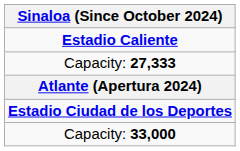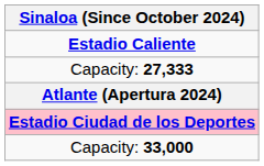 <table class="wikitable" style="text-align:center">
 <tr>
 <th><a href='#'>Sinaloa</a> (Since October 2024)</th>
 </tr>
 <tr>
 <td><strong><a href='#'>Estadio Caliente</a></strong></td>
 </tr>
 <tr>
 <td>Capacity: <strong>27,333</strong></td>
 </tr>
 <tr>
 <th><a href='#'>Atlante</a> (Apertura 2024)</th>
 </tr>
 <tr>
-<td><strong><a href='#'>Estadio Ciudad de los Deportes</a></strong></td>
+<td style="background: pink;"><strong><a href='#'>Estadio Ciudad de los Deportes</a></strong></td>
 </tr>
 <tr>
 <td>Capacity: <strong>33,000</strong></td>
 </tr>
 </table>
